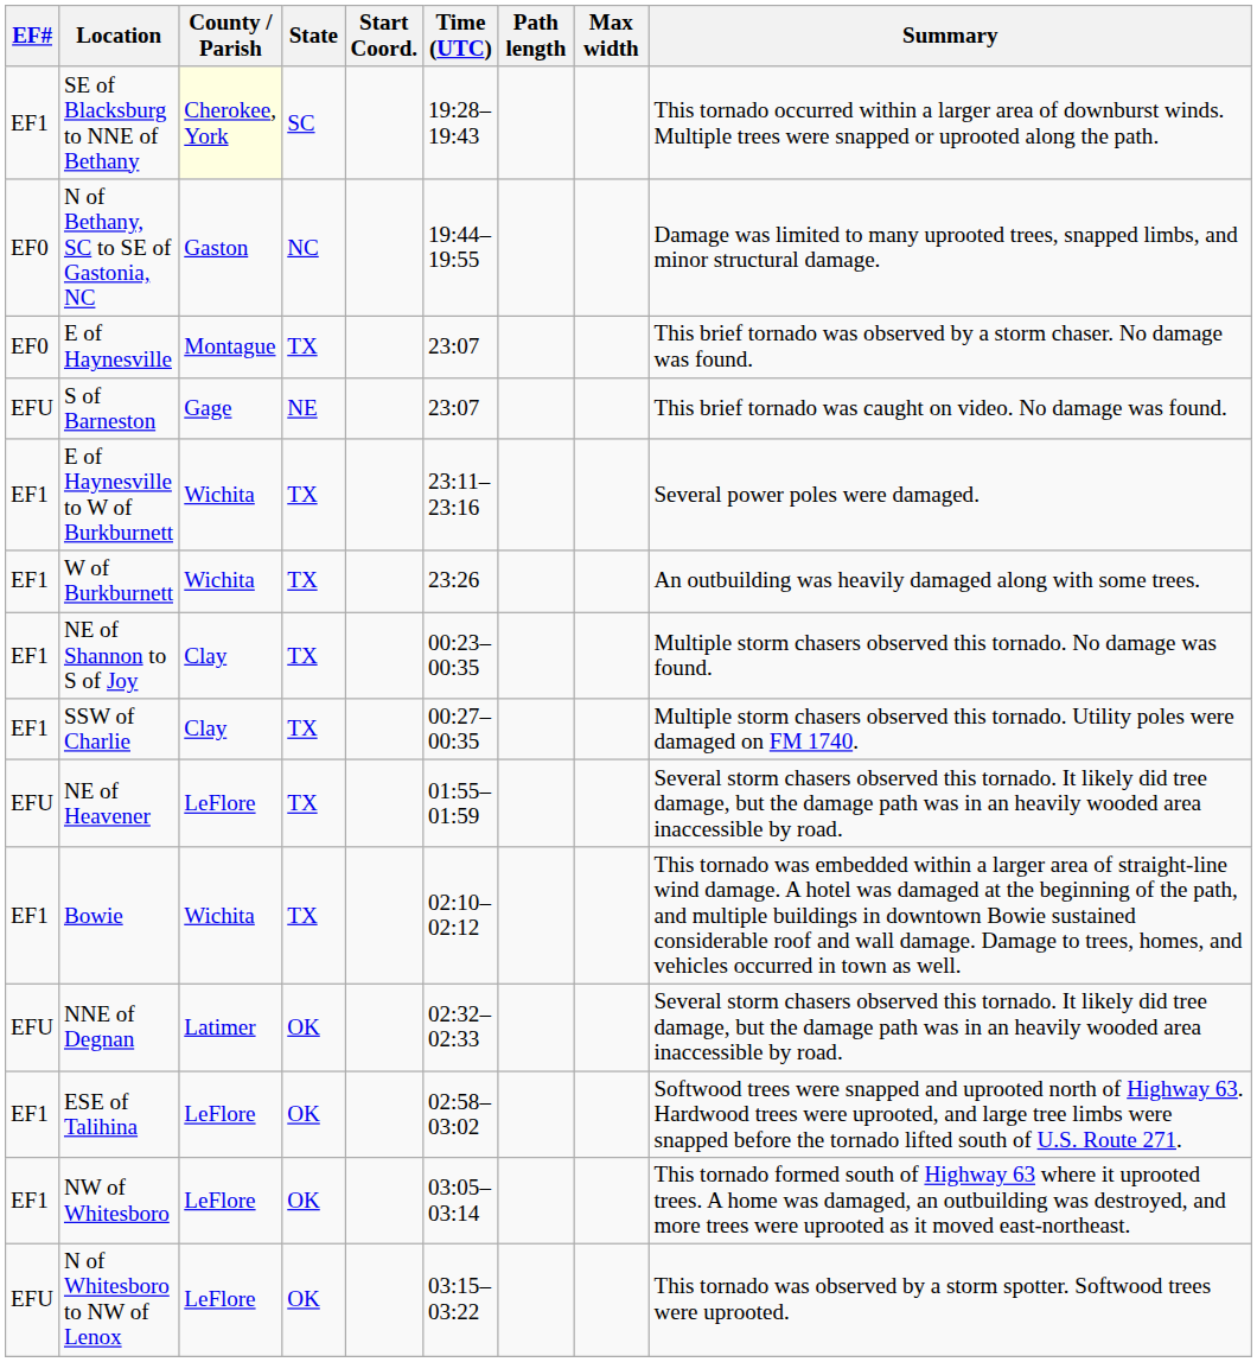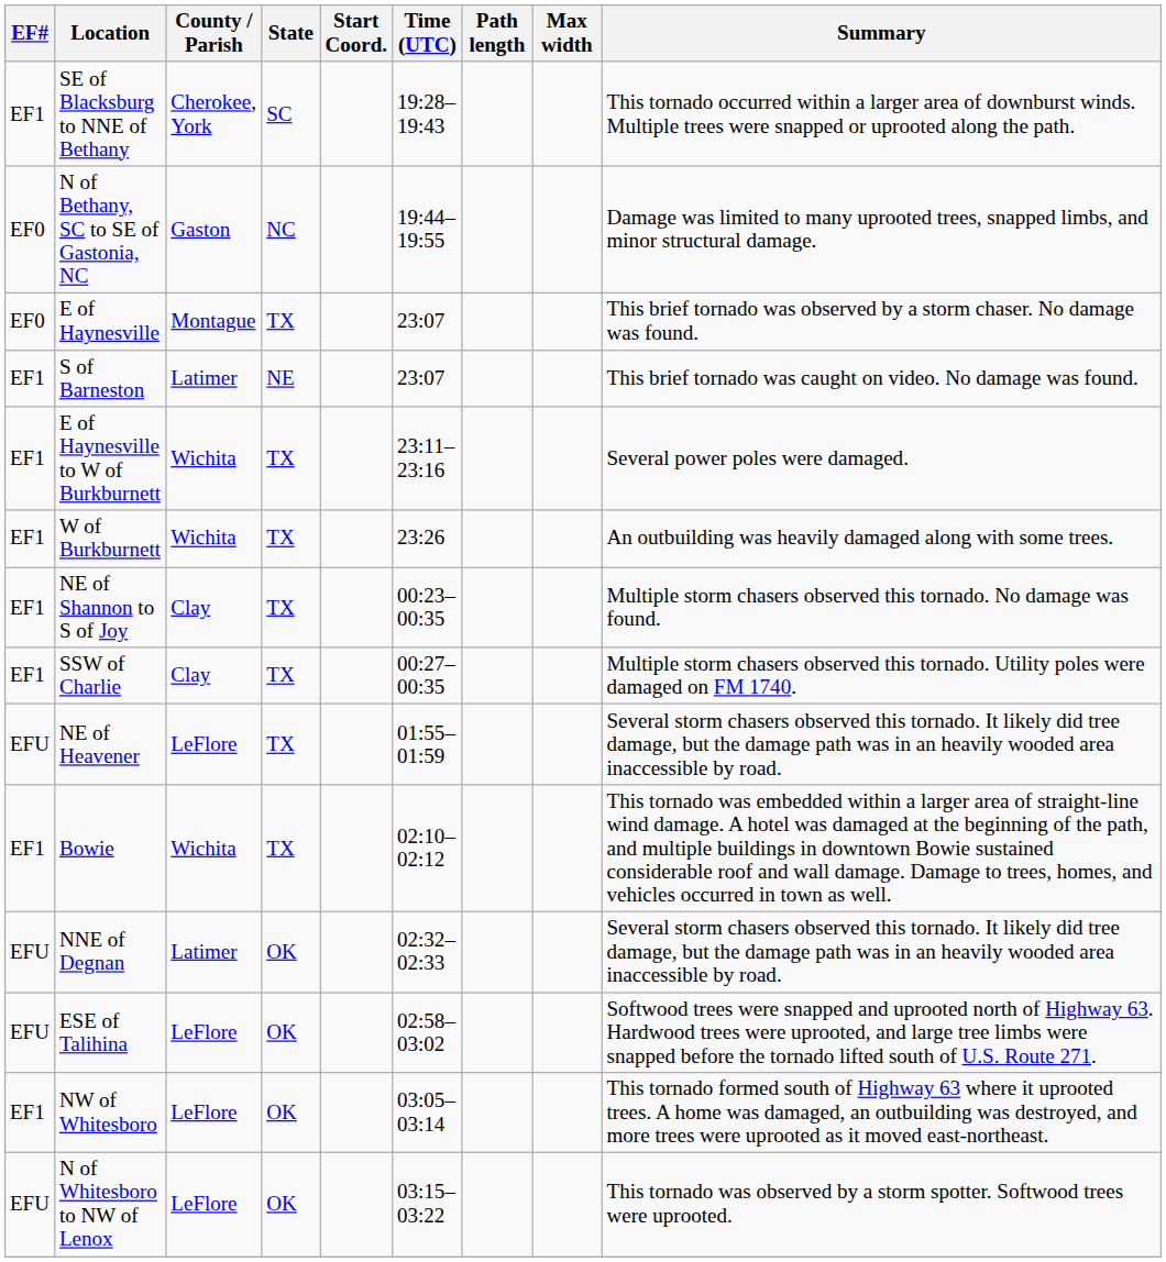 <table class="wikitable sortable" style="width:100%;">
 <tr>
 <th scope="col"  style="width:3%; text-align:center;"><a href='#'>EF#</a></th>
 <th scope="col"  style="width:7%; text-align:center;" class="unsortable">Location</th>
 <th scope="col"  style="width:6%; text-align:center;" class="unsortable">County / Parish</th>
 <th scope="col"  style="width:5%; text-align:center;">State</th>
 <th scope="col"  style="width:6%; text-align:center;">Start Coord.</th>
 <th scope="col"  style="width:6%; text-align:center;">Time (<a href='#'>UTC</a>)</th>
 <th scope="col"  style="width:6%; text-align:center;">Path length</th>
 <th scope="col"  style="width:6%; text-align:center;">Max width</th>
 <th scope="col" class="unsortable" style="width:48%; text-align:center;">Summary</th>
 </tr>
 <tr>
 <td>EF1</td>
 <td>SE of <a href='#'>Blacksburg</a> to NNE of <a href='#'>Bethany</a></td>
-<td style="background: lightyellow;"><a href='#'>Cherokee</a>, <a href='#'>York</a></td>
+<td><a href='#'>Cherokee</a>, <a href='#'>York</a></td>
 <td><a href='#'>SC</a></td>
 <td></td>
 <td>19:28–19:43</td>
 <td></td>
 <td></td>
 <td>This tornado occurred within a larger area of downburst winds. Multiple trees were snapped or uprooted along the path.</td>
 </tr>
 <tr>
 <td>EF0</td>
 <td>N of <a href='#'>Bethany, SC</a> to SE of <a href='#'>Gastonia, NC</a></td>
 <td><a href='#'>Gaston</a></td>
 <td><a href='#'>NC</a></td>
 <td></td>
 <td>19:44–19:55</td>
 <td></td>
 <td></td>
 <td>Damage was limited to many uprooted trees, snapped limbs, and minor structural damage.</td>
 </tr>
 <tr>
 <td>EF0</td>
 <td>E of <a href='#'>Haynesville</a></td>
 <td><a href='#'>Montague</a></td>
 <td><a href='#'>TX</a></td>
 <td></td>
 <td>23:07</td>
 <td></td>
 <td></td>
 <td>This brief tornado was observed by a storm chaser. No damage was found.</td>
 </tr>
 <tr>
-<td>EFU</td>
+<td>EF1</td>
 <td>S of <a href='#'>Barneston</a></td>
-<td><a href='#'>Gage</a></td>
+<td><a href='#'>Latimer</a></td>
 <td><a href='#'>NE</a></td>
 <td></td>
 <td>23:07</td>
 <td></td>
 <td></td>
 <td>This brief tornado was caught on video. No damage was found.</td>
 </tr>
 <tr>
 <td>EF1</td>
 <td>E of <a href='#'>Haynesville</a> to W of <a href='#'>Burkburnett</a></td>
 <td><a href='#'>Wichita</a></td>
 <td><a href='#'>TX</a></td>
 <td></td>
 <td>23:11–23:16</td>
 <td></td>
 <td></td>
 <td>Several power poles were damaged.</td>
 </tr>
 <tr>
 <td>EF1</td>
 <td>W of <a href='#'>Burkburnett</a></td>
 <td><a href='#'>Wichita</a></td>
 <td><a href='#'>TX</a></td>
 <td></td>
 <td>23:26</td>
 <td></td>
 <td></td>
 <td>An outbuilding was heavily damaged along with some trees.</td>
 </tr>
 <tr>
 <td>EF1</td>
 <td>NE of <a href='#'>Shannon</a> to S of <a href='#'>Joy</a></td>
 <td><a href='#'>Clay</a></td>
 <td><a href='#'>TX</a></td>
 <td></td>
 <td>00:23–00:35</td>
 <td></td>
 <td></td>
 <td>Multiple storm chasers observed this tornado. No damage was found.</td>
 </tr>
 <tr>
 <td>EF1</td>
 <td>SSW of <a href='#'>Charlie</a></td>
 <td><a href='#'>Clay</a></td>
 <td><a href='#'>TX</a></td>
 <td></td>
 <td>00:27–00:35</td>
 <td></td>
 <td></td>
 <td>Multiple storm chasers observed this tornado. Utility poles were damaged on <a href='#'>FM 1740</a>.</td>
 </tr>
 <tr>
 <td>EFU</td>
 <td>NE of <a href='#'>Heavener</a></td>
 <td><a href='#'>LeFlore</a></td>
 <td><a href='#'>TX</a></td>
 <td></td>
 <td>01:55–01:59</td>
 <td></td>
 <td></td>
 <td>Several storm chasers observed this tornado. It likely did tree damage, but the damage path was in an heavily wooded area inaccessible by road.</td>
 </tr>
 <tr>
 <td>EF1</td>
 <td><a href='#'>Bowie</a></td>
 <td><a href='#'>Wichita</a></td>
 <td><a href='#'>TX</a></td>
 <td></td>
 <td>02:10–02:12</td>
 <td></td>
 <td></td>
 <td>This tornado was embedded within a larger area of straight-line wind damage. A hotel was damaged at the beginning of the path, and multiple buildings in downtown Bowie sustained considerable roof and wall damage. Damage to trees, homes, and vehicles occurred in town as well.</td>
 </tr>
 <tr>
 <td>EFU</td>
 <td>NNE of <a href='#'>Degnan</a></td>
 <td><a href='#'>Latimer</a></td>
 <td><a href='#'>OK</a></td>
 <td></td>
 <td>02:32–02:33</td>
 <td></td>
 <td></td>
 <td>Several storm chasers observed this tornado. It likely did tree damage, but the damage path was in an heavily wooded area inaccessible by road.</td>
 </tr>
 <tr>
-<td>EF1</td>
+<td>EFU</td>
 <td>ESE of <a href='#'>Talihina</a></td>
 <td><a href='#'>LeFlore</a></td>
 <td><a href='#'>OK</a></td>
 <td></td>
 <td>02:58–03:02</td>
 <td></td>
 <td></td>
 <td>Softwood trees were snapped and uprooted north of <a href='#'>Highway 63</a>. Hardwood trees were uprooted, and large tree limbs were snapped before the tornado lifted south of <a href='#'>U.S. Route 271</a>.</td>
 </tr>
 <tr>
 <td>EF1</td>
 <td>NW of <a href='#'>Whitesboro</a></td>
 <td><a href='#'>LeFlore</a></td>
 <td><a href='#'>OK</a></td>
 <td></td>
 <td>03:05–03:14</td>
 <td></td>
 <td></td>
 <td>This tornado formed south of <a href='#'>Highway 63</a> where it uprooted trees. A home was damaged, an outbuilding was destroyed, and more trees were uprooted as it moved east-northeast.</td>
 </tr>
 <tr>
 <td>EFU</td>
 <td>N of <a href='#'>Whitesboro</a> to NW of <a href='#'>Lenox</a></td>
 <td><a href='#'>LeFlore</a></td>
 <td><a href='#'>OK</a></td>
 <td></td>
 <td>03:15–03:22</td>
 <td></td>
 <td></td>
 <td>This tornado was observed by a storm spotter. Softwood trees were uprooted.</td>
 </tr>
 <tr>
 </tr>
 </table>
